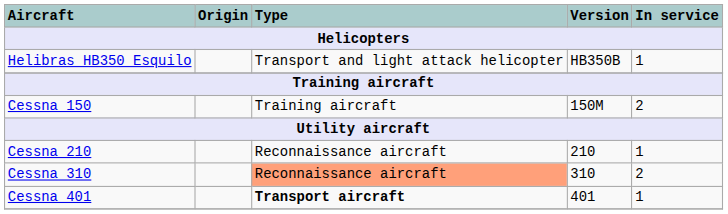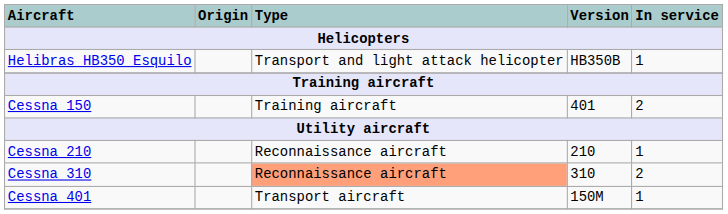 <table class="wikitable">
 <tr>
 <th style="text-align: left; background: #aacccc;">Aircraft</th>
 <th style="text-align: left; background: #aacccc;">Origin</th>
 <th style="text-align: left; background: #aacccc;">Type</th>
 <th style="text-align: left; background: #aacccc;">Version</th>
 <th style="text-align: left; background: #aacccc;">In service</th>
 </tr>
 <tr ---->
 <th style="align: center; background: lavender;" colspan="7"><strong>Helicopters</strong></th>
 </tr>
 <tr ---->
 <td><a href='#'>Helibras HB350 Esquilo</a></td>
 <td></td>
 <td>Transport and light attack helicopter</td>
 <td>HB350B</td>
 <td>1</td>
 </tr>
 <tr>
 </tr>
 <tr ---->
 <th style="align: center; background: lavender;" colspan="7"><strong>Training aircraft</strong></th>
 </tr>
 <tr ---->
 <td><a href='#'>Cessna 150</a></td>
 <td></td>
 <td>Training aircraft</td>
-<td>150M</td>
+<td>401</td>
 <td>2</td>
 </tr>
 <tr ---->
 <th style="align: center; background: lavender;" colspan="7"><strong>Utility aircraft</strong></th>
 </tr>
 <tr ---->
 <td><a href='#'>Cessna 210</a></td>
 <td></td>
 <td>Reconnaissance aircraft</td>
 <td>210</td>
 <td>1</td>
 </tr>
 <tr>
 <td><a href='#'>Cessna 310</a></td>
 <td></td>
 <td style="background: lightsalmon;">Reconnaissance aircraft</td>
 <td>310</td>
 <td>2</td>
 </tr>
 <tr>
 <td><a href='#'>Cessna 401</a></td>
 <td></td>
-<td><strong>Transport aircraft</strong></td>
-<td>401</td>
+<td>Transport aircraft</td>
+<td>150M</td>
 <td>1</td>
 </tr>
 <tr>
 </tr>
 </table>
